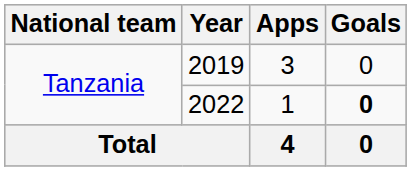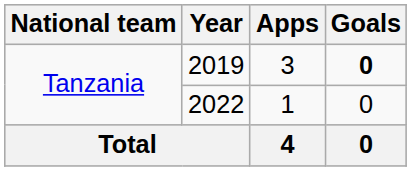 <table class="wikitable" style="text-align: center;">
 <tr>
 <th>National team</th>
 <th>Year</th>
 <th>Apps</th>
 <th>Goals</th>
 </tr>
 <tr>
 <td rowspan=2><a href='#'>Tanzania</a></td>
 <td>2019</td>
 <td>3</td>
-<td>0</td>
+<td><strong>0</strong></td>
 </tr>
 <tr>
 <td>2022</td>
 <td>1</td>
-<td><strong>0</strong></td>
+<td>0</td>
 </tr>
 <tr>
 <th colspan=2>Total</th>
 <th>4</th>
 <th>0</th>
 </tr>
 </table>
